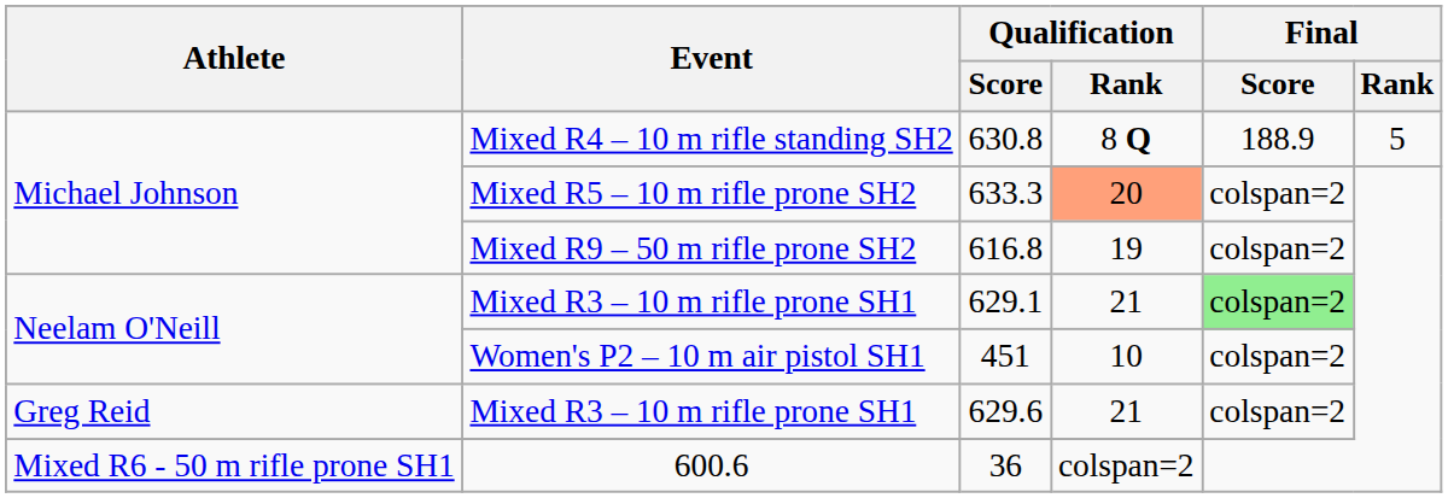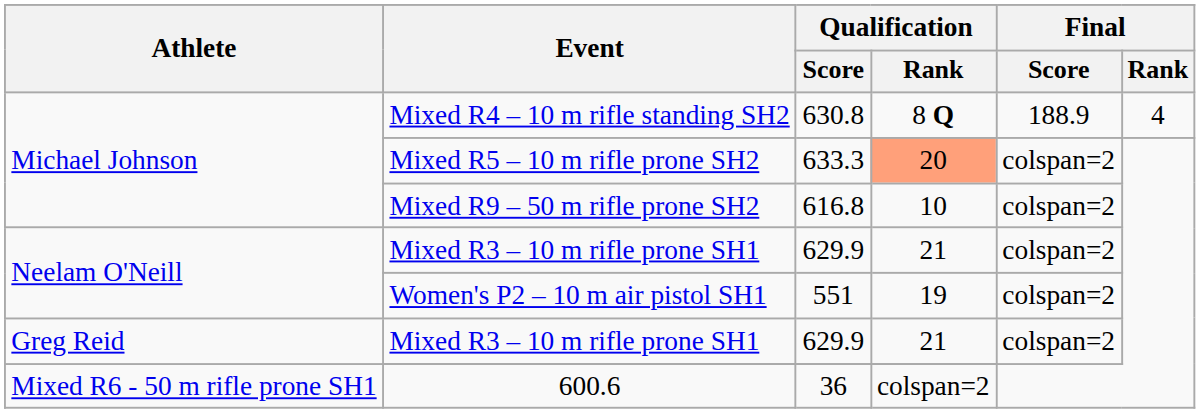 <table class=wikitable style="font-size:90%">
 <tr>
 <th rowspan="2">Athlete</th>
 <th rowspan="2">Event</th>
 <th colspan="2">Qualification</th>
 <th colspan="2">Final</th>
 </tr>
 <tr style="font-size:95%">
 <th>Score</th>
 <th>Rank</th>
 <th>Score</th>
 <th>Rank</th>
 </tr>
 <tr style="text-align:center;">
 <td style="text-align:left;" rowspan=3><a href='#'>Michael Johnson</a></td>
 <td style="text-align:left;"><a href='#'>Mixed R4 – 10 m rifle standing SH2</a></td>
 <td>630.8</td>
 <td>8 <strong>Q</strong></td>
 <td>188.9</td>
-<td>5</td>
+<td>4</td>
 </tr>
 <tr style="text-align:center;">
 <td style="text-align:left;"><a href='#'>Mixed R5 – 10 m rifle prone SH2</a></td>
 <td>633.3</td>
 <td style="background: lightsalmon;">20</td>
 <td>colspan=2 </td>
 </tr>
 <tr style="text-align:center;">
 <td style="text-align:left;"><a href='#'>Mixed R9 – 50 m rifle prone SH2</a></td>
 <td>616.8</td>
-<td>19</td>
+<td>10</td>
 <td>colspan=2 </td>
 </tr>
 <tr style="text-align:center;">
 <td style="text-align:left;" rowspan =2><a href='#'>Neelam O'Neill</a></td>
 <td style="text-align:left;"><a href='#'>Mixed R3 – 10 m rifle prone SH1</a></td>
-<td>629.1</td>
+<td>629.9</td>
 <td>21</td>
-<td style="background: lightgreen;">colspan=2 </td>
+<td>colspan=2 </td>
 </tr>
 <tr style="text-align:center;">
 <td style="text-align:left;"><a href='#'>Women's P2 – 10 m air pistol SH1</a></td>
-<td>451</td>
-<td>10</td>
+<td>551</td>
+<td>19</td>
 <td>colspan=2 </td>
 </tr>
 <tr style="text-align:center;">
 <td rowspan="2" style="text-align:left;"><a href='#'>Greg Reid</a></td>
 <td style="text-align:left;"><a href='#'>Mixed R3 – 10 m rifle prone SH1</a></td>
-<td>629.6</td>
+<td>629.9</td>
 <td>21</td>
 <td>colspan=2 </td>
 </tr>
 <tr>
 </tr>
 <tr style="text-align:center;">
 <td style="text-align:left;"><a href='#'>Mixed R6 - 50 m rifle prone SH1</a></td>
 <td>600.6</td>
 <td>36</td>
 <td>colspan=2 </td>
 </tr>
 </table>
